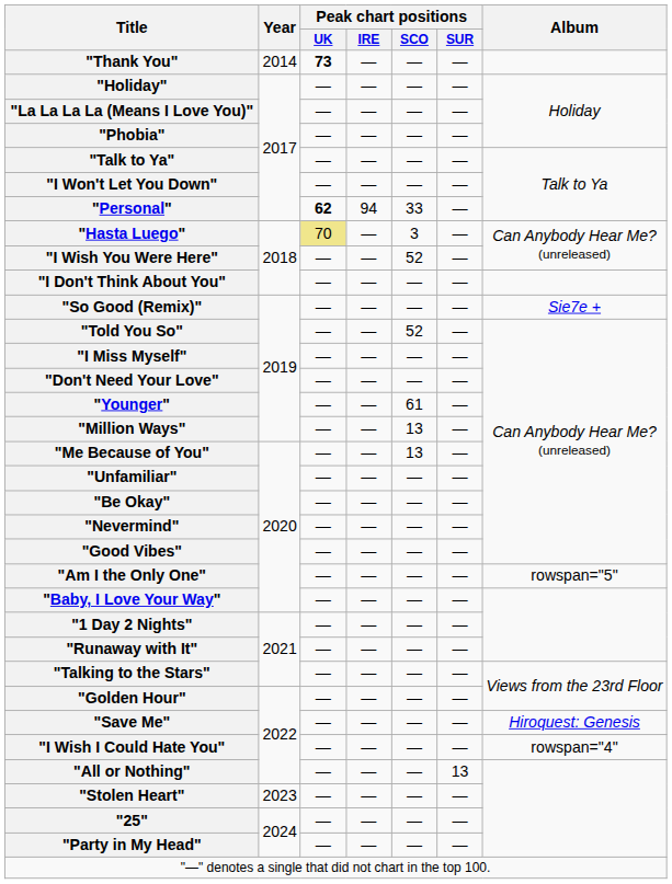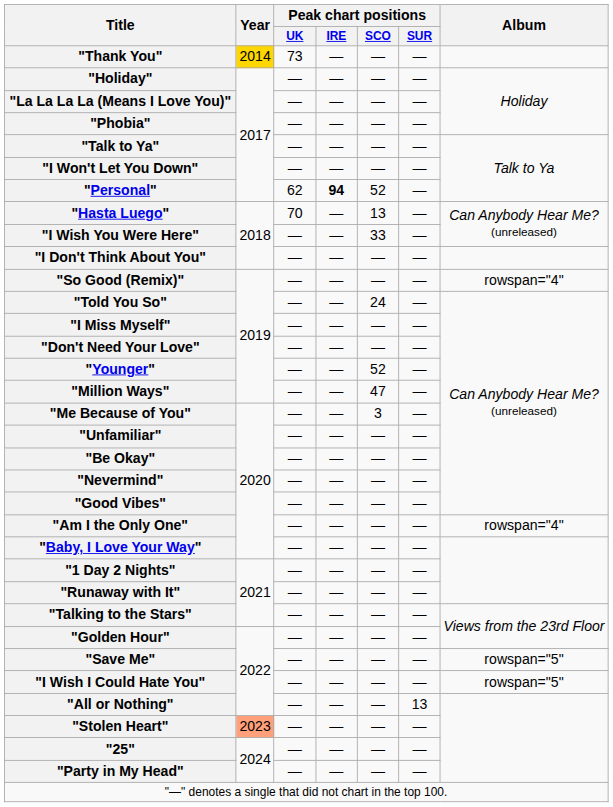 <table class="wikitable plainrowheaders" style="text-align:center;">
 <tr>
 <th scope="col" rowspan="2" style="width:16em;">Title</th>
 <th scope="col" rowspan="2" style="width:1em;">Year</th>
 <th colspan="4" scope="col">Peak chart positions</th>
 <th scope="col" rowspan="2">Album</th>
 </tr>
 <tr>
 <th scope="col" style="width:3em;font-size:85%;"><a href='#'>UK</a><br></th>
 <th scope="col" style="width:3em;font-size:85%;"><a href='#'>IRE</a><br></th>
 <th scope="col" style="width:3em;font-size:85%;"><a href='#'>SCO</a><br></th>
 <th scope="col" style="width:3em;font-size:85%;"><a href='#'>SUR</a><br></th>
 </tr>
 <tr>
 <th scope="row">"Thank You"</th>
-<td>2014</td>
-<td><strong>73</strong></td>
+<td style="background: gold;">2014</td>
+<td>73</td>
 <td>—</td>
 <td>—</td>
 <td>—</td>
 <td></td>
 </tr>
 <tr>
 <th scope="row">"Holiday"<br></th>
 <td rowspan="6">2017</td>
 <td>—</td>
 <td>—</td>
 <td>—</td>
 <td>—</td>
 <td rowspan="3"><em>Holiday</em></td>
 </tr>
 <tr>
 <th scope="row">"La La La La (Means I Love You)"<br></th>
 <td>—</td>
 <td>—</td>
 <td>—</td>
 <td>—</td>
 </tr>
 <tr>
 <th scope="row">"Phobia"</th>
 <td>—</td>
 <td>—</td>
 <td>—</td>
 <td>—</td>
 </tr>
 <tr>
 <th scope="row">"Talk to Ya"</th>
 <td>—</td>
 <td>—</td>
 <td>—</td>
 <td>—</td>
 <td rowspan="3"><em>Talk to Ya</em></td>
 </tr>
 <tr>
 <th scope="row">"I Won't Let You Down"</th>
 <td>—</td>
 <td>—</td>
 <td>—</td>
 <td>—</td>
 </tr>
 <tr>
 <th scope="row">"<a href='#'>Personal</a>"</th>
-<td><strong>62</strong></td>
-<td>94</td>
-<td>33</td>
+<td>62</td>
+<td><strong>94</strong></td>
+<td>52</td>
 <td>—</td>
 </tr>
 <tr>
 <th scope="row">"<a href='#'>Hasta Luego</a>"<br></th>
 <td rowspan="3">2018</td>
-<td style="background: khaki;">70</td>
+<td>70</td>
 <td>—</td>
-<td>3</td>
+<td>13</td>
 <td>—</td>
 <td rowspan="2"><em>Can Anybody Hear Me?</em><br><small>(unreleased)</small></td>
 </tr>
 <tr>
 <th scope="row">"I Wish You Were Here"</th>
 <td>—</td>
 <td>—</td>
-<td>52</td>
+<td>33</td>
 <td>—</td>
 </tr>
 <tr>
 <th scope="row">"I Don't Think About You"</th>
 <td>—</td>
 <td>—</td>
 <td>—</td>
 <td>—</td>
 <td></td>
 </tr>
 <tr>
 <th scope="row">"So Good (Remix)"<br></th>
 <td rowspan="6">2019</td>
 <td>—</td>
 <td>—</td>
 <td>—</td>
 <td>—</td>
-<td><em><a href='#'>Sie7e +</a></em></td>
+<td>rowspan="4" </td>
 </tr>
 <tr>
 <th scope="row">"Told You So"</th>
 <td>—</td>
 <td>—</td>
-<td>52</td>
+<td>24</td>
 <td>—</td>
 <td rowspan="10"><em>Can Anybody Hear Me?</em><br><small>(unreleased)</small></td>
 </tr>
 <tr>
 <th scope="row">"I Miss Myself"<br></th>
 <td>—</td>
 <td>—</td>
 <td>—</td>
 <td>—</td>
 </tr>
 <tr>
 <th scope="row">"Don't Need Your Love"<br></th>
 <td>—</td>
 <td>—</td>
 <td>—</td>
 <td>—</td>
 </tr>
 <tr>
 <th scope="row">"<a href='#'>Younger</a>"<br></th>
 <td>—</td>
 <td>—</td>
-<td>61</td>
+<td>52</td>
 <td>—</td>
 </tr>
 <tr>
 <th scope="row">"Million Ways"</th>
 <td>—</td>
 <td>—</td>
-<td>13</td>
+<td>47</td>
 <td>—</td>
 </tr>
 <tr>
 <th scope="row">"Me Because of You"</th>
 <td rowspan="7">2020</td>
 <td>—</td>
 <td>—</td>
-<td>13</td>
+<td>3</td>
 <td>—</td>
 </tr>
 <tr>
 <th scope="row">"Unfamiliar"<br></th>
 <td>—</td>
 <td>—</td>
 <td>—</td>
 <td>—</td>
 </tr>
 <tr>
 <th scope="row">"Be Okay"<br></th>
 <td>—</td>
 <td>—</td>
 <td>—</td>
 <td>—</td>
 </tr>
 <tr>
 <th scope="row">"Nevermind"</th>
 <td>—</td>
 <td>—</td>
 <td>—</td>
 <td>—</td>
 </tr>
 <tr>
 <th scope="row">"Good Vibes"<br></th>
 <td>—</td>
 <td>—</td>
 <td>—</td>
 <td>—</td>
 </tr>
 <tr>
 <th scope="row">"Am I the Only One" <br></th>
 <td>—</td>
 <td>—</td>
 <td>—</td>
 <td>—</td>
-<td>rowspan="5" </td>
+<td>rowspan="4" </td>
 </tr>
 <tr>
 <th scope="row">"<a href='#'>Baby, I Love Your Way</a>"</th>
 <td>—</td>
 <td>—</td>
 <td>—</td>
 <td>—</td>
 </tr>
 <tr>
 <th scope="row">"1 Day 2 Nights"</th>
 <td rowspan="3">2021</td>
 <td>—</td>
 <td>—</td>
 <td>—</td>
 <td>—</td>
 </tr>
 <tr>
 <th scope="row">"Runaway with It"</th>
 <td>—</td>
 <td>—</td>
 <td>—</td>
 <td>—</td>
 </tr>
 <tr>
 <th scope="row">"Talking to the Stars"</th>
 <td>—</td>
 <td>—</td>
 <td>—</td>
 <td>—</td>
 <td rowspan="2"><em>Views from the 23rd Floor</em></td>
 </tr>
 <tr>
 <th scope="row">"Golden Hour"</th>
 <td rowspan="4">2022</td>
 <td>—</td>
 <td>—</td>
 <td>—</td>
 <td>—</td>
 </tr>
 <tr>
 <th scope="row">"Save Me"<br></th>
 <td>—</td>
 <td>—</td>
 <td>—</td>
 <td>—</td>
-<td><em><a href='#'>Hiroquest: Genesis</a></em></td>
+<td>rowspan="5" </td>
 </tr>
 <tr>
 <th scope="row">"I Wish I Could Hate You"</th>
 <td>—</td>
 <td>—</td>
 <td>—</td>
 <td>—</td>
-<td>rowspan="4" </td>
+<td>rowspan="5" </td>
 </tr>
 <tr>
 <th scope="row">"All or Nothing"<br></th>
 <td>—</td>
 <td>—</td>
 <td>—</td>
 <td>13</td>
 </tr>
 <tr>
 <th scope="row">"Stolen Heart"</th>
-<td>2023</td>
+<td style="background: lightsalmon;">2023</td>
 <td>—</td>
 <td>—</td>
 <td>—</td>
 <td>—</td>
 </tr>
 <tr>
 <th scope="row">"25"</th>
 <td rowspan="2">2024</td>
 <td>—</td>
 <td>—</td>
 <td>—</td>
 <td>—</td>
 </tr>
 <tr>
 <th scope="row">"Party in My Head"</th>
 <td>—</td>
 <td>—</td>
 <td>—</td>
 <td>—</td>
 </tr>
 <tr>
 <td colspan="7" style="font-size:85%;">"—" denotes a single that did not chart in the top 100.</td>
 </tr>
 </table>
